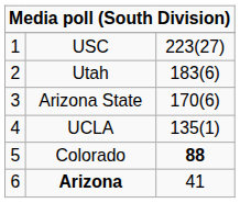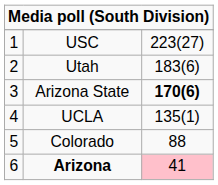 <table class="wikitable" style="display: inline-table;">
 <tr>
 <td align="center" Colspan="3"><strong>Media poll (South Division)</strong></td>
 </tr>
 <tr align="center">
 </tr>
 <tr align="center">
 <td>1</td>
 <td>USC</td>
 <td>223(27)</td>
 </tr>
 <tr align="center">
 <td>2</td>
 <td>Utah</td>
 <td>183(6)</td>
 </tr>
 <tr align="center">
 <td>3</td>
 <td>Arizona State</td>
-<td>170(6)</td>
+<td><strong>170(6)</strong></td>
 </tr>
 <tr align="center">
 <td>4</td>
 <td>UCLA</td>
 <td>135(1)</td>
 </tr>
 <tr align="center">
 <td>5</td>
 <td>Colorado</td>
-<td><strong>88</strong></td>
+<td>88</td>
 </tr>
 <tr align="center">
 <td>6</td>
 <td><strong>Arizona</strong></td>
-<td>41</td>
+<td style="background: pink;">41</td>
 </tr>
 </table>
